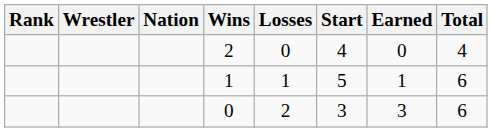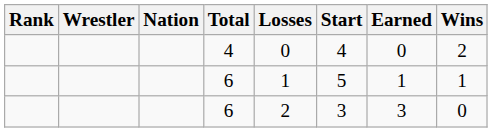 <table class="wikitable sortable" style="text-align:center;">
 <tr>
 <th>Rank</th>
 <th>Wrestler</th>
 <th>Nation</th>
-<th>Wins</th>
+<th>Total</th>
 <th>Losses</th>
 <th>Start</th>
 <th>Earned</th>
-<th>Total</th>
+<th>Wins</th>
 </tr>
 <tr>
 <td></td>
 <td align=left></td>
 <td align=left></td>
-<td>2</td>
+<td>4</td>
 <td>0</td>
 <td>4</td>
 <td>0</td>
-<td>4</td>
+<td>2</td>
 </tr>
 <tr>
 <td></td>
 <td align=left></td>
 <td align=left></td>
-<td>1</td>
+<td>6</td>
 <td>1</td>
 <td>5</td>
 <td>1</td>
-<td>6</td>
+<td>1</td>
 </tr>
 <tr>
 <td></td>
 <td align=left></td>
 <td align=left></td>
-<td>0</td>
+<td>6</td>
 <td>2</td>
 <td>3</td>
 <td>3</td>
-<td>6</td>
+<td>0</td>
 </tr>
 </table>
